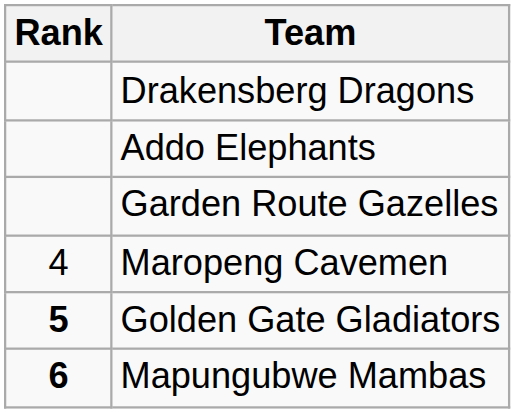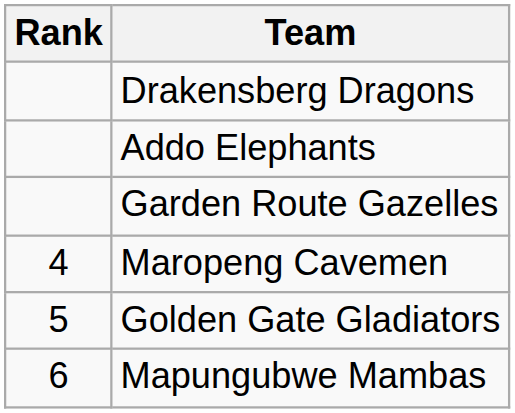 <table class="wikitable">
 <tr>
 <th style="width: 40px;">Rank</th>
 <th>Team</th>
 </tr>
 <tr>
 <td style="text-align: center;"></td>
 <td>Drakensberg Dragons</td>
 </tr>
 <tr>
 <td style="text-align: center;"></td>
 <td>Addo Elephants</td>
 </tr>
 <tr>
 <td style="text-align: center;"></td>
 <td>Garden Route Gazelles</td>
 </tr>
 <tr>
 <td style="text-align: center;">4</td>
 <td>Maropeng Cavemen</td>
 </tr>
 <tr>
-<td style="text-align: center;"><strong>5</strong></td>
+<td style="text-align: center;">5</td>
 <td>Golden Gate Gladiators</td>
 </tr>
 <tr>
-<td style="text-align: center;"><strong>6</strong></td>
+<td style="text-align: center;">6</td>
 <td>Mapungubwe Mambas</td>
 </tr>
 </table>
